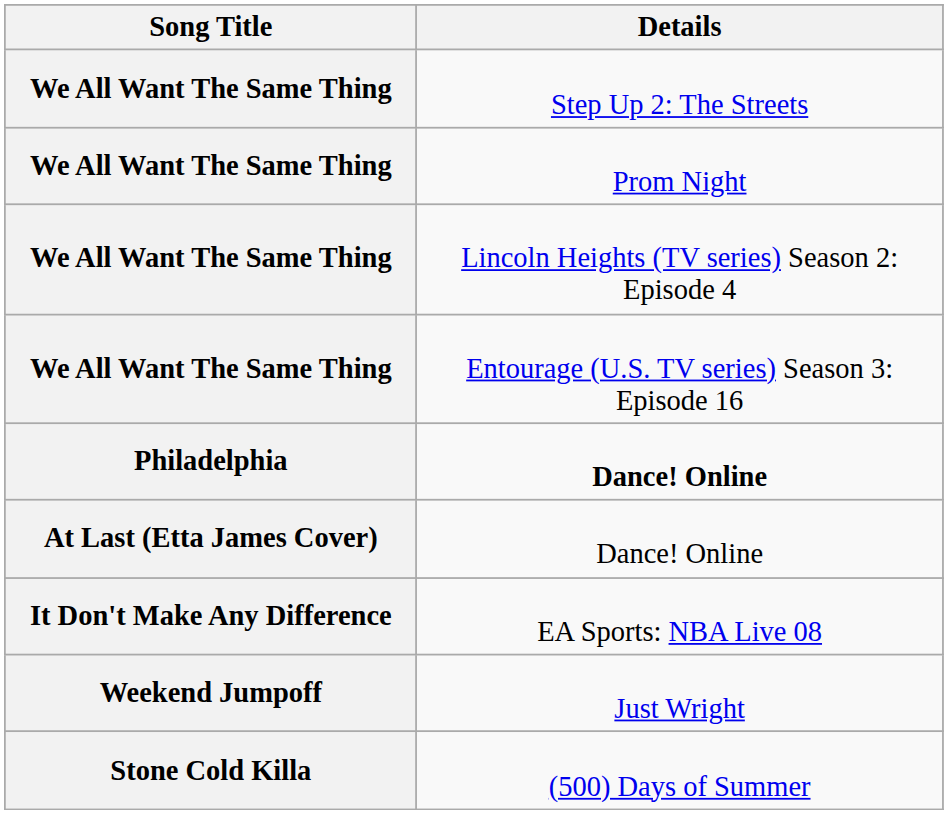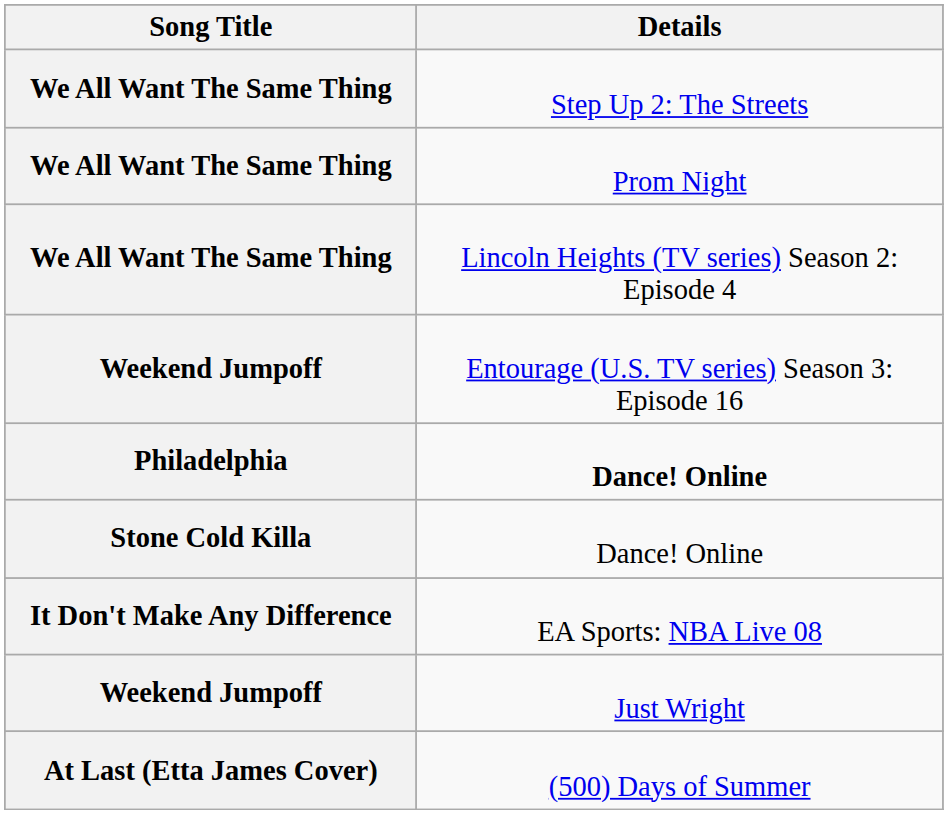 <table class="wikitable plainrowheaders" style="text-align:center;">
 <tr>
 <th style="width:14em;">Song Title</th>
 <th style="width:18em;">Details</th>
 </tr>
 <tr>
 <th>We All Want The Same Thing</th>
 <td><br><a href='#'>Step Up 2: The Streets</a></td>
 </tr>
 <tr>
 <th>We All Want The Same Thing</th>
 <td><br><a href='#'>Prom Night</a></td>
 </tr>
 <tr>
 <th>We All Want The Same Thing</th>
 <td><br><a href='#'>Lincoln Heights (TV series)</a> Season 2: Episode 4</td>
 </tr>
 <tr>
-<th>We All Want The Same Thing</th>
+<th>Weekend Jumpoff</th>
 <td><br><a href='#'>Entourage (U.S. TV series)</a> Season 3: Episode 16</td>
 </tr>
 <tr>
 <th>Philadelphia</th>
 <td><strong><br>Dance! Online</strong></td>
 </tr>
 <tr>
-<th>At Last (Etta James Cover)</th>
+<th>Stone Cold Killa</th>
 <td><br>Dance! Online</td>
 </tr>
 <tr>
 <th>It Don't Make Any Difference</th>
 <td><br>EA Sports: <a href='#'>NBA Live 08</a></td>
 </tr>
 <tr>
 <th>Weekend Jumpoff</th>
 <td><br><a href='#'>Just Wright</a></td>
 </tr>
 <tr>
-<th>Stone Cold Killa</th>
+<th>At Last (Etta James Cover)</th>
 <td><br><a href='#'>(500) Days of Summer</a></td>
 </tr>
 </table>
